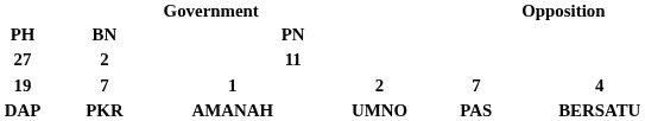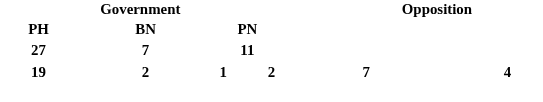 <table style="width:40em;">
 <tr style="text-align:center;">
 <td colspan="4" style="color:"><strong>Government</strong></td>
 <td colspan="2" style="color:"><strong>Opposition</strong></td>
 </tr>
 <tr style="text-align:center;">
 <td style="color:"><strong>PH</strong></td>
 <td colspan="1" style="color:"><strong>BN</strong></td>
 <td colspan="2" style="color:"><strong>PN</strong></td>
 </tr>
 <tr style="text-align:center;">
 <td style="background:"><strong>27</strong></td>
-<td colspan="1" style="background:"><strong>2</strong></td>
+<td style="background:"><strong>7</strong></td>
 <td colspan="2" style="background:"><strong>11</strong></td>
 </tr>
 <tr>
 </tr>
 <tr style="text-align:center;">
 <td style="background:"><strong>19</strong></td>
-<td style="background:"><strong>7</strong></td>
+<td colspan="1" style="background:"><strong>2</strong></td>
 <td style="background:"><strong>1</strong></td>
 <td style="background:"><strong>2</strong></td>
 <td style="background:"><strong>7</strong></td>
 <td style="background:"><strong>4</strong></td>
 </tr>
-<tr style="text-align:center;">
-<td style="color:"><strong>DAP</strong></td>
-<td style="color:"><strong>PKR</strong></td>
-<td style="color:"><strong>AMANAH</strong></td>
-<td style="color:"><strong>UMNO</strong></td>
-<td style="color:"><strong>PAS</strong></td>
-<td style="color:"><strong>BERSATU</strong></td>
-</tr>
 </table>
